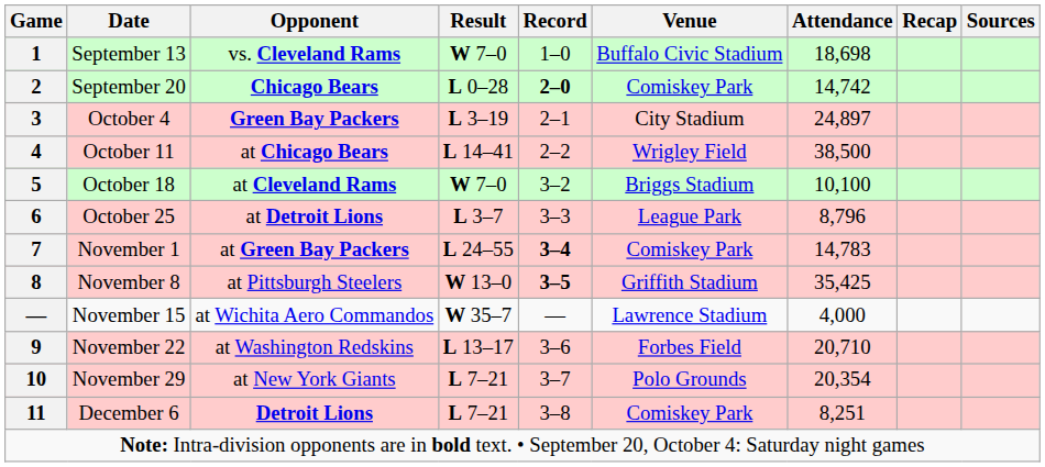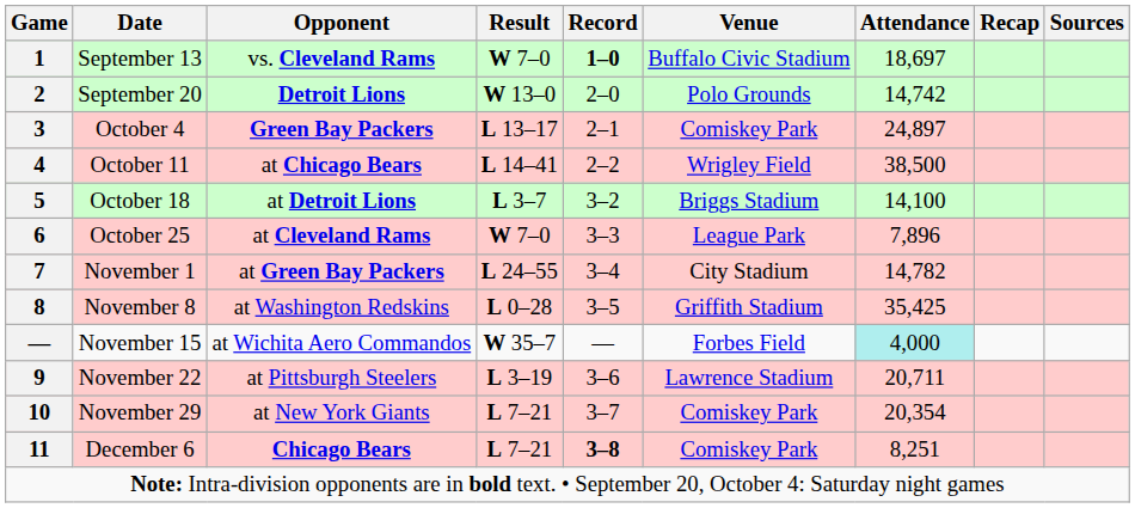 <table class="wikitable" style="text-align:center">
 <tr>
 <th>Game</th>
 <th>Date</th>
 <th>Opponent</th>
 <th>Result</th>
 <th>Record</th>
 <th>Venue</th>
 <th>Attendance</th>
 <th>Recap</th>
 <th>Sources</th>
 </tr>
 <tr style="background:#cfc">
 <th>1</th>
 <td>September 13</td>
 <td>vs. <strong><a href='#'>Cleveland Rams</a></strong></td>
 <td><strong>W</strong> 7–0</td>
-<td>1–0</td>
+<td><strong>1–0</strong></td>
 <td><a href='#'>Buffalo Civic Stadium</a></td>
-<td>18,698</td>
+<td>18,697</td>
 <td></td>
 <td></td>
 </tr>
 <tr style="background:#cfc">
 <th>2</th>
 <td>September 20</td>
-<td><strong><a href='#'>Chicago Bears</a></strong></td>
-<td><strong>L</strong> 0–28</td>
-<td><strong>2–0</strong></td>
-<td><a href='#'>Comiskey Park</a></td>
+<td><strong><a href='#'>Detroit Lions</a></strong></td>
+<td><strong>W</strong> 13–0</td>
+<td>2–0</td>
+<td><a href='#'>Polo Grounds</a></td>
 <td>14,742</td>
 <td></td>
 <td></td>
 </tr>
 <tr style="background:#fcc">
 <th>3</th>
 <td>October 4</td>
 <td><strong><a href='#'>Green Bay Packers</a></strong></td>
-<td><strong>L</strong> 3–19</td>
+<td><strong>L</strong> 13–17</td>
 <td>2–1</td>
-<td>City Stadium</td>
+<td><a href='#'>Comiskey Park</a></td>
 <td>24,897</td>
 <td></td>
 <td></td>
 </tr>
 <tr style="background:#fcc">
 <th>4</th>
 <td>October 11</td>
 <td>at <strong><a href='#'>Chicago Bears</a></strong></td>
 <td><strong>L</strong> 14–41</td>
 <td>2–2</td>
 <td><a href='#'>Wrigley Field</a></td>
 <td>38,500</td>
 <td></td>
 <td></td>
 </tr>
 <tr style="background:#cfc">
 <th>5</th>
 <td>October 18</td>
-<td>at <strong><a href='#'>Cleveland Rams</a></strong></td>
-<td><strong>W</strong> 7–0</td>
+<td>at <strong><a href='#'>Detroit Lions</a></strong></td>
+<td><strong>L</strong> 3–7</td>
 <td>3–2</td>
 <td><a href='#'>Briggs Stadium</a></td>
-<td>10,100</td>
+<td>14,100</td>
 <td></td>
 <td></td>
 </tr>
 <tr style="background:#fcc">
 <th>6</th>
 <td>October 25</td>
-<td>at <strong><a href='#'>Detroit Lions</a></strong></td>
-<td><strong>L</strong> 3–7</td>
+<td>at <strong><a href='#'>Cleveland Rams</a></strong></td>
+<td><strong>W</strong> 7–0</td>
 <td>3–3</td>
 <td><a href='#'>League Park</a></td>
-<td>8,796</td>
+<td>7,896</td>
 <td></td>
 <td></td>
 </tr>
 <tr style="background:#fcc">
 <th>7</th>
 <td>November 1</td>
 <td>at <strong><a href='#'>Green Bay Packers</a></strong></td>
 <td><strong>L</strong> 24–55</td>
-<td><strong>3–4</strong></td>
-<td><a href='#'>Comiskey Park</a></td>
-<td>14,783</td>
+<td>3–4</td>
+<td>City Stadium</td>
+<td>14,782</td>
 <td></td>
 <td></td>
 </tr>
 <tr style="background:#fcc">
 <th>8</th>
 <td>November 8</td>
-<td>at <a href='#'>Pittsburgh Steelers</a></td>
-<td><strong>W</strong> 13–0</td>
-<td><strong>3–5</strong></td>
+<td>at <a href='#'>Washington Redskins</a></td>
+<td><strong>L</strong> 0–28</td>
+<td>3–5</td>
 <td><a href='#'>Griffith Stadium</a></td>
 <td>35,425</td>
 <td></td>
 <td></td>
 </tr>
 <tr>
 <th>—</th>
 <td>November 15</td>
 <td>at <a href='#'>Wichita Aero Commandos</a></td>
 <td><strong>W</strong> 35–7</td>
 <td>—</td>
-<td><a href='#'>Lawrence Stadium</a></td>
-<td>4,000</td>
+<td><a href='#'>Forbes Field</a></td>
+<td style="background: paleturquoise;">4,000</td>
 <td></td>
 <td></td>
 </tr>
 <tr style="background:#fcc">
 <th>9</th>
 <td>November 22</td>
-<td>at <a href='#'>Washington Redskins</a></td>
-<td><strong>L</strong> 13–17</td>
+<td>at <a href='#'>Pittsburgh Steelers</a></td>
+<td><strong>L</strong> 3–19</td>
 <td>3–6</td>
-<td><a href='#'>Forbes Field</a></td>
-<td>20,710</td>
+<td><a href='#'>Lawrence Stadium</a></td>
+<td>20,711</td>
 <td></td>
 <td></td>
 </tr>
 <tr style="background:#fcc">
 <th>10</th>
 <td>November 29</td>
 <td>at <a href='#'>New York Giants</a></td>
 <td><strong>L</strong> 7–21</td>
 <td>3–7</td>
-<td><a href='#'>Polo Grounds</a></td>
+<td><a href='#'>Comiskey Park</a></td>
 <td>20,354</td>
 <td></td>
 <td></td>
 </tr>
 <tr style="background:#fcc">
 <th>11</th>
 <td>December 6</td>
-<td><strong><a href='#'>Detroit Lions</a></strong></td>
+<td><strong><a href='#'>Chicago Bears</a></strong></td>
 <td><strong>L</strong> 7–21</td>
-<td>3–8</td>
+<td><strong>3–8</strong></td>
 <td><a href='#'>Comiskey Park</a></td>
 <td>8,251</td>
 <td></td>
 <td></td>
 </tr>
 <tr>
 <td colspan="10"><strong>Note:</strong> Intra-division opponents are in <strong>bold</strong> text. •  September 20, October 4: Saturday night games</td>
 </tr>
 </table>
